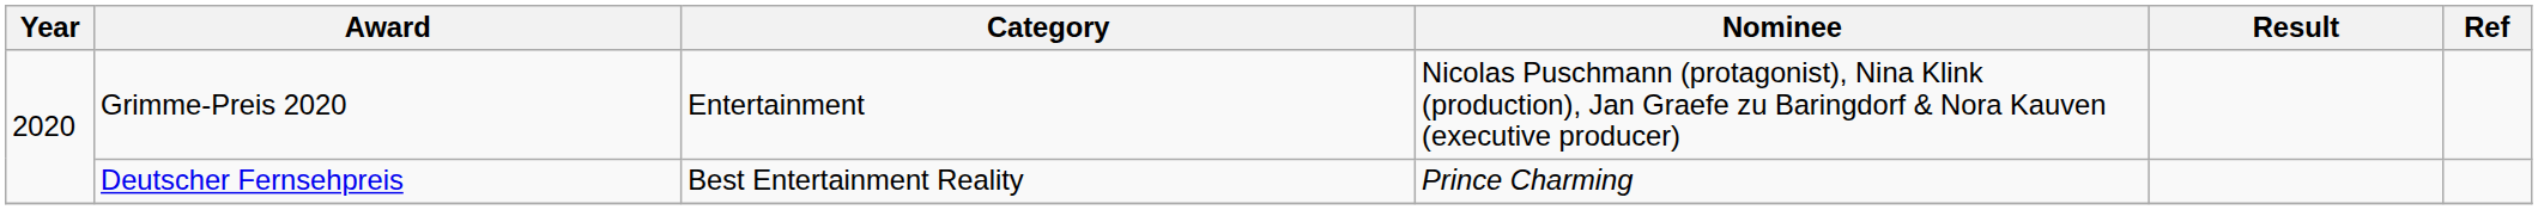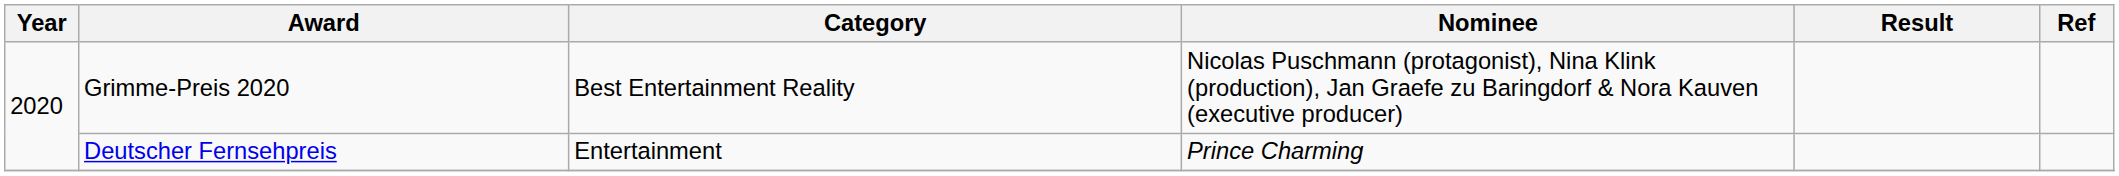 <table class="wikitable" style="width:90%;">
 <tr>
 <th style="width:03%;">Year</th>
 <th style="width:20%;">Award</th>
 <th style="width:25%;">Category</th>
 <th style="width:25%;">Nominee</th>
 <th style="width:10%;">Result</th>
 <th style="width:03%;">Ref</th>
 </tr>
 <tr>
 <td rowspan="2">2020</td>
 <td>Grimme-Preis 2020</td>
-<td>Entertainment</td>
+<td>Best Entertainment Reality</td>
 <td>Nicolas Puschmann (protagonist), Nina Klink (production), Jan Graefe zu Baringdorf & Nora Kauven (executive producer)</td>
 <td></td>
 <td></td>
 </tr>
 <tr>
 <td><a href='#'>Deutscher Fernsehpreis</a></td>
-<td>Best Entertainment Reality</td>
+<td>Entertainment</td>
 <td><em>Prince Charming</em></td>
 <td></td>
 <td></td>
 </tr>
 <tr>
 </tr>
 </table>
